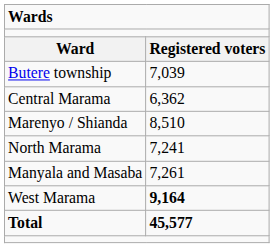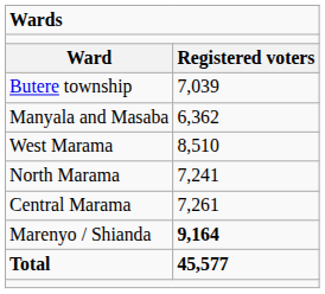 <table class="wikitable">
 <tr>
 <td colspan="2"><strong>Wards</strong></td>
 </tr>
 <tr>
 <td colspan="2"></td>
 </tr>
 <tr>
 <th>Ward</th>
 <th>Registered voters</th>
 </tr>
 <tr>
 <td><a href='#'>Butere</a> township</td>
 <td>7,039</td>
 </tr>
 <tr>
-<td>Central Marama</td>
+<td>Manyala and Masaba</td>
 <td>6,362</td>
 </tr>
 <tr>
-<td>Marenyo / Shianda</td>
+<td>West Marama</td>
 <td>8,510</td>
 </tr>
 <tr>
 <td>North Marama</td>
 <td>7,241</td>
 </tr>
 <tr>
-<td>Manyala and Masaba</td>
+<td>Central Marama</td>
 <td>7,261</td>
 </tr>
 <tr>
-<td>West Marama</td>
+<td>Marenyo / Shianda</td>
 <td><strong>9,164</strong></td>
 </tr>
 <tr>
 <td><strong>Total</strong></td>
 <td><strong>45,577</strong></td>
 </tr>
 <tr>
 <td colspan="2"></td>
 </tr>
 </table>
